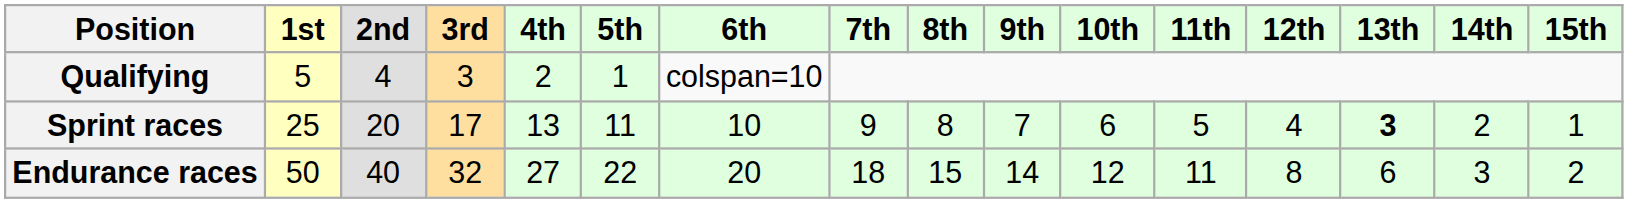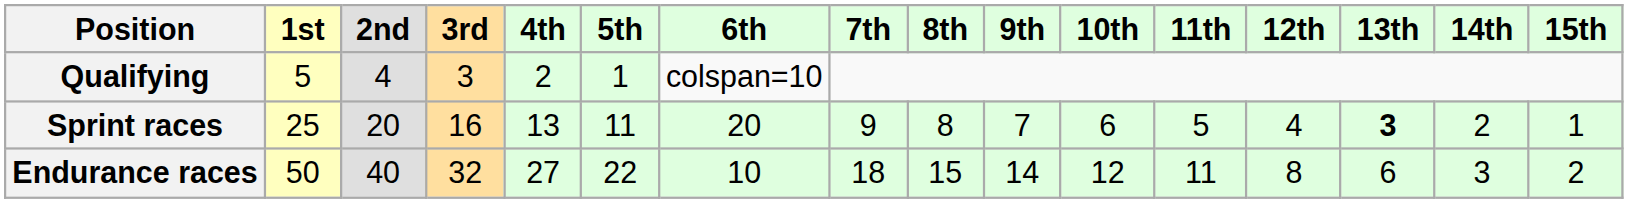 <table class="wikitable" style="font-size:85%; text-align:center">
 <tr>
 <th>Position</th>
 <td style="background:#ffffbf;"> <strong>1st</strong> </td>
 <td style="background:#dfdfdf;"> <strong>2nd</strong> </td>
 <td style="background:#ffdf9f;"> <strong>3rd</strong> </td>
 <td style="background:#dfffdf;"> <strong>4th</strong> </td>
 <td style="background:#dfffdf;"> <strong>5th</strong> </td>
 <td style="background:#dfffdf;"> <strong>6th</strong> </td>
 <td style="background:#dfffdf;"> <strong>7th</strong> </td>
 <td style="background:#dfffdf;"> <strong>8th</strong> </td>
 <td style="background:#dfffdf;"> <strong>9th</strong> </td>
 <td style="background:#dfffdf;"> <strong>10th</strong> </td>
 <td style="background:#dfffdf;"> <strong>11th</strong> </td>
 <td style="background:#dfffdf;"> <strong>12th</strong> </td>
 <td style="background:#dfffdf;"> <strong>13th</strong> </td>
 <td style="background:#dfffdf;"> <strong>14th</strong> </td>
 <td style="background:#dfffdf;"> <strong>15th</strong> </td>
 </tr>
 <tr>
 <th>Qualifying</th>
 <td style="background:#ffffbf;">5</td>
 <td style="background:#dfdfdf;">4</td>
 <td style="background:#ffdf9f;">3</td>
 <td style="background:#dfffdf;">2</td>
 <td style="background:#dfffdf;">1</td>
 <td>colspan=10 </td>
 </tr>
 <tr>
 <th>Sprint races</th>
 <td style="background:#ffffbf;">25</td>
 <td style="background:#dfdfdf;">20</td>
-<td style="background:#ffdf9f;">17</td>
+<td style="background:#ffdf9f;">16</td>
 <td style="background:#dfffdf;">13</td>
 <td style="background:#dfffdf;">11</td>
-<td style="background:#dfffdf;">10</td>
+<td style="background:#dfffdf;">20</td>
 <td style="background:#dfffdf;">9</td>
 <td style="background:#dfffdf;">8</td>
 <td style="background:#dfffdf;">7</td>
 <td style="background:#dfffdf;">6</td>
 <td style="background:#dfffdf;">5</td>
 <td style="background:#dfffdf;">4</td>
 <td style="background:#dfffdf;"><strong>3</strong></td>
 <td style="background:#dfffdf;">2</td>
 <td style="background:#dfffdf;">1</td>
 </tr>
 <tr>
 <th>Endurance races</th>
 <td style="background:#ffffbf;">50</td>
 <td style="background:#dfdfdf;">40</td>
 <td style="background:#ffdf9f;">32</td>
 <td style="background:#dfffdf;">27</td>
 <td style="background:#dfffdf;">22</td>
-<td style="background:#dfffdf;">20</td>
+<td style="background:#dfffdf;">10</td>
 <td style="background:#dfffdf;">18</td>
 <td style="background:#dfffdf;">15</td>
 <td style="background:#dfffdf;">14</td>
 <td style="background:#dfffdf;">12</td>
 <td style="background:#dfffdf;">11</td>
 <td style="background:#dfffdf;">8</td>
 <td style="background:#dfffdf;">6</td>
 <td style="background:#dfffdf;">3</td>
 <td style="background:#dfffdf;">2</td>
 </tr>
 </table>
